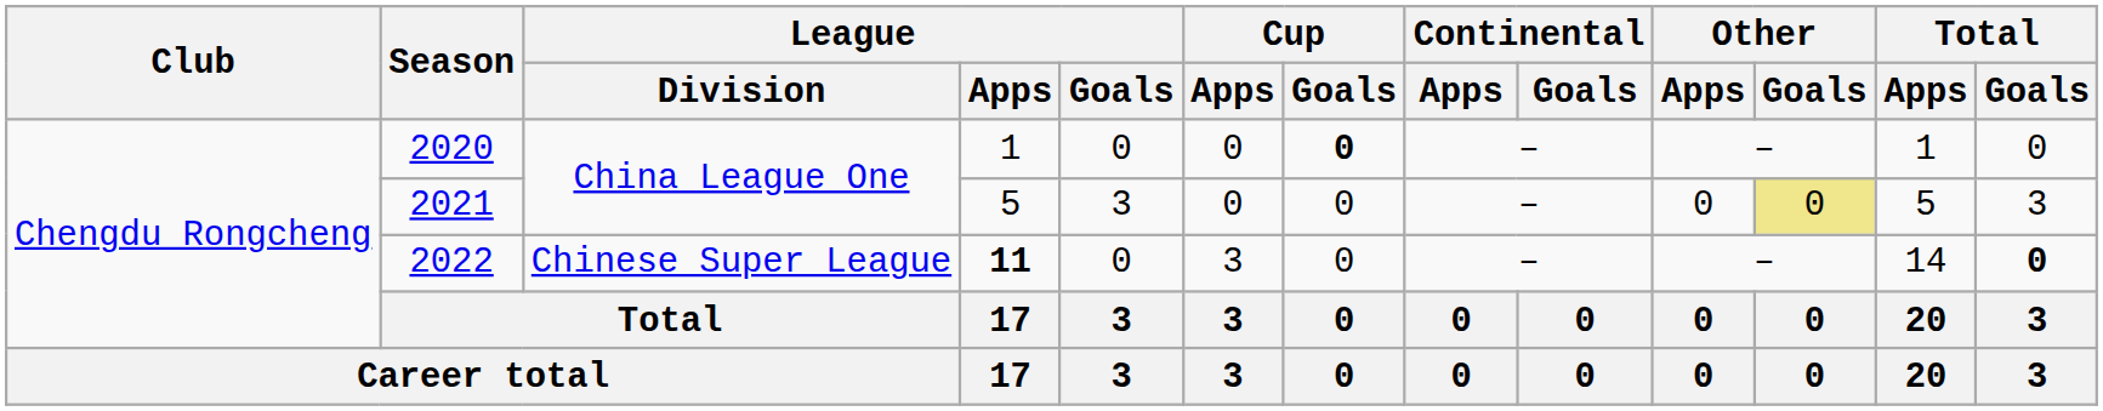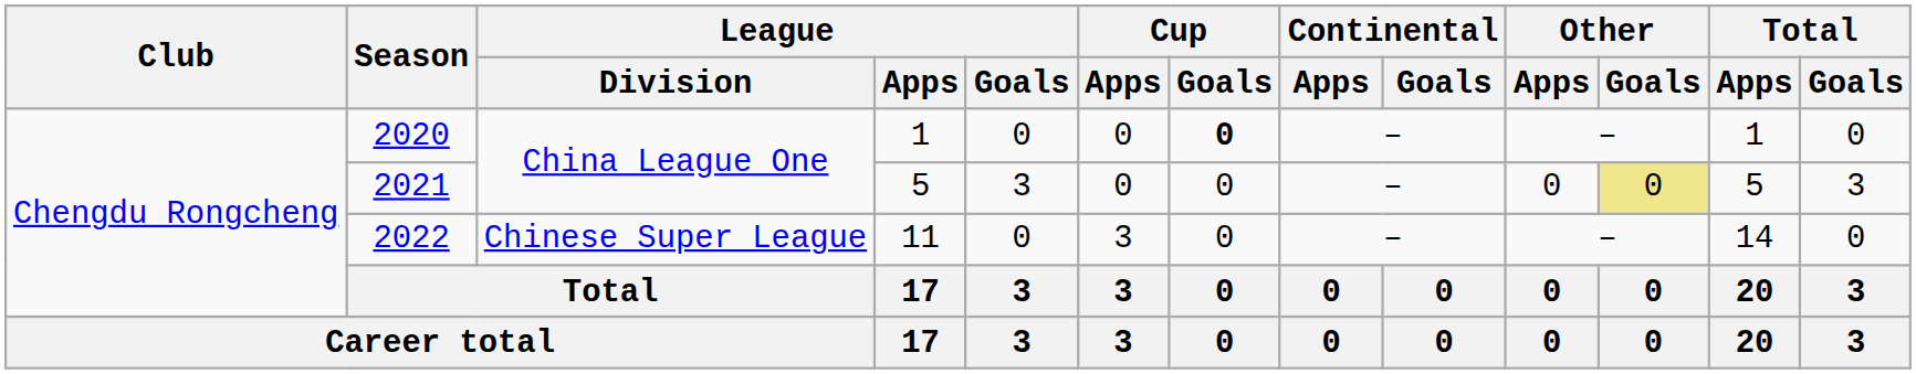 <table class="wikitable" style="text-align: center">
 <tr>
 <th rowspan="2">Club</th>
 <th rowspan="2">Season</th>
 <th colspan="3">League</th>
 <th colspan="2">Cup</th>
 <th colspan="2">Continental</th>
 <th colspan="2">Other</th>
 <th colspan="2">Total</th>
 </tr>
 <tr>
 <th>Division</th>
 <th>Apps</th>
 <th>Goals</th>
 <th>Apps</th>
 <th>Goals</th>
 <th>Apps</th>
 <th>Goals</th>
 <th>Apps</th>
 <th>Goals</th>
 <th>Apps</th>
 <th>Goals</th>
 </tr>
 <tr>
 <td rowspan="4"><a href='#'>Chengdu Rongcheng</a></td>
 <td><a href='#'>2020</a></td>
 <td rowspan="2"><a href='#'>China League One</a></td>
 <td>1</td>
 <td>0</td>
 <td>0</td>
 <td><strong>0</strong></td>
 <td colspan="2">–</td>
 <td colspan="2">–</td>
 <td>1</td>
 <td>0</td>
 </tr>
 <tr>
 <td><a href='#'>2021</a></td>
 <td>5</td>
 <td>3</td>
 <td>0</td>
 <td>0</td>
 <td colspan="2">–</td>
 <td>0</td>
 <td style="background: khaki;">0</td>
 <td>5</td>
 <td>3</td>
 </tr>
 <tr>
 <td><a href='#'>2022</a></td>
 <td><a href='#'>Chinese Super League</a></td>
-<td><strong>11</strong></td>
+<td>11</td>
 <td>0</td>
 <td>3</td>
 <td>0</td>
 <td colspan="2">–</td>
 <td colspan="2">–</td>
 <td>14</td>
-<td><strong>0</strong></td>
+<td>0</td>
 </tr>
 <tr>
 <th colspan=2>Total</th>
 <th>17</th>
 <th>3</th>
 <th>3</th>
 <th>0</th>
 <th>0</th>
 <th>0</th>
 <th>0</th>
 <th>0</th>
 <th>20</th>
 <th>3</th>
 </tr>
 <tr>
 <th colspan=3>Career total</th>
 <th>17</th>
 <th>3</th>
 <th>3</th>
 <th>0</th>
 <th>0</th>
 <th>0</th>
 <th>0</th>
 <th>0</th>
 <th>20</th>
 <th>3</th>
 </tr>
 </table>
